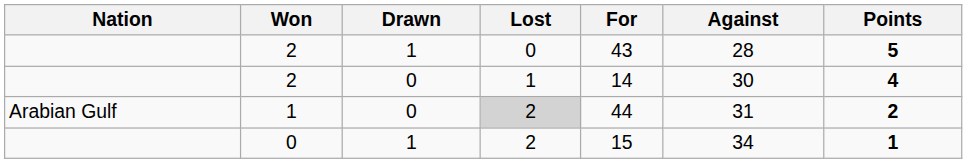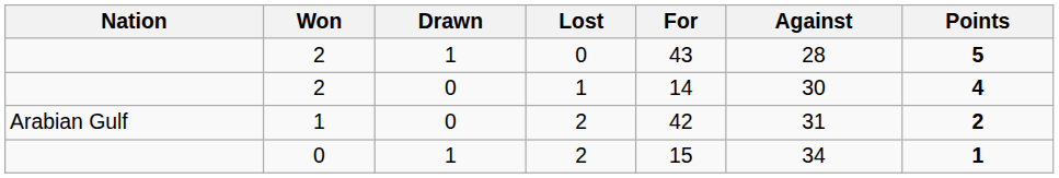 <table class="wikitable" style="width:50%;text-align:center">
 <tr>
 <th>Nation</th>
 <th>Won</th>
 <th>Drawn</th>
 <th>Lost</th>
 <th>For</th>
 <th>Against</th>
 <th>Points</th>
 </tr>
 <tr>
 <td align=left></td>
 <td>2</td>
 <td>1</td>
 <td>0</td>
 <td>43</td>
 <td>28</td>
 <td><strong>5</strong></td>
 </tr>
 <tr>
 <td align=left></td>
 <td>2</td>
 <td>0</td>
 <td>1</td>
 <td>14</td>
 <td>30</td>
 <td><strong>4</strong></td>
 </tr>
 <tr>
 <td align=left> Arabian Gulf</td>
 <td>1</td>
 <td>0</td>
-<td style="background: lightgrey;">2</td>
-<td>44</td>
+<td>2</td>
+<td>42</td>
 <td>31</td>
 <td><strong>2</strong></td>
 </tr>
 <tr>
 <td align=left></td>
 <td>0</td>
 <td>1</td>
 <td>2</td>
 <td>15</td>
 <td>34</td>
 <td><strong>1</strong></td>
 </tr>
 </table>
